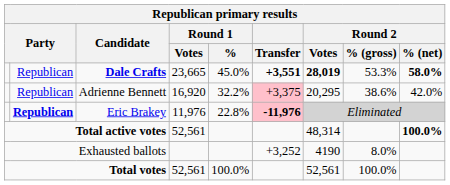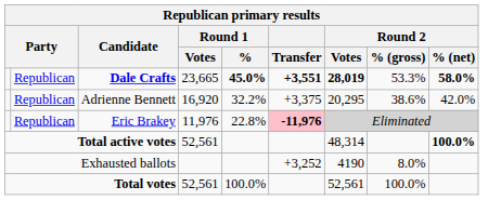 <table class="wikitable">
 <tr>
 <th colspan="12">Republican primary results</th>
 </tr>
 <tr>
 <th colspan="2" rowspan="2">Party</th>
 <th rowspan="2">Candidate</th>
 <th colspan="2">Round 1</th>
 <th></th>
 <th colspan="3">Round 2</th>
 </tr>
 <tr>
 <th>Votes</th>
 <th>%</th>
 <th>Transfer</th>
 <th>Votes</th>
 <th>% (gross)</th>
 <th>% (net)</th>
 </tr>
 <tr align=right>
 <td style="background-color:"></td>
 <td><a href='#'>Republican</a></td>
 <td><strong><a href='#'>Dale Crafts</a></strong></td>
 <td>23,665</td>
-<td>45.0%</td>
+<td><strong>45.0%</strong></td>
 <td><strong>+3,551</strong></td>
 <td><strong>28,019</strong></td>
 <td>53.3%</td>
 <td><strong>58.0%</strong></td>
 </tr>
 <tr align=right>
 <td style="background-color:"></td>
 <td><a href='#'>Republican</a></td>
 <td>Adrienne Bennett</td>
 <td>16,920</td>
 <td>32.2%</td>
-<td style="background: pink;">+3,375</td>
+<td>+3,375</td>
 <td>20,295</td>
 <td>38.6%</td>
 <td 100%>42.0%</td>
 </tr>
 <tr align=right>
 <td style="background-color:"></td>
-<td><strong><a href='#'>Republican</a></strong></td>
+<td><a href='#'>Republican</a></td>
 <td><a href='#'>Eric Brakey</a></td>
 <td>11,976</td>
 <td>22.8%</td>
 <td bgcolor="pink"><strong>-11,976</strong></td>
 <td colspan=3 bgcolor=lightgray align=center><em>Eliminated</em></td>
 </tr>
 <tr align=right>
 <td colspan="3" align="right"><strong>Total active votes</strong></td>
 <td>52,561</td>
 <td></td>
 <td></td>
 <td>48,314</td>
 <td></td>
 <td><strong>100.0%</strong></td>
 </tr>
 <tr align=right>
 <td colspan="3" align="right">Exhausted ballots</td>
 <td></td>
 <td></td>
 <td>+3,252</td>
 <td>4190</td>
 <td>8.0%</td>
 <td></td>
 </tr>
 <tr align=right>
 <td colspan="3" align="right"><strong>Total votes</strong></td>
 <td>52,561</td>
 <td>100.0%</td>
 <td></td>
 <td>52,561</td>
 <td>100.0%</td>
 <td></td>
 </tr>
 </table>
